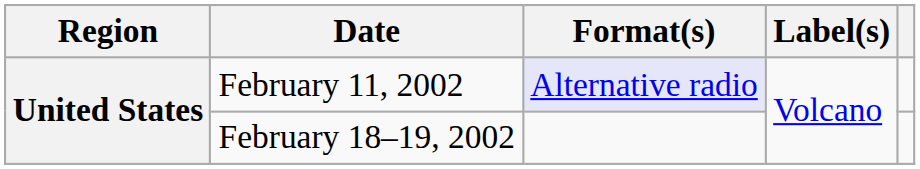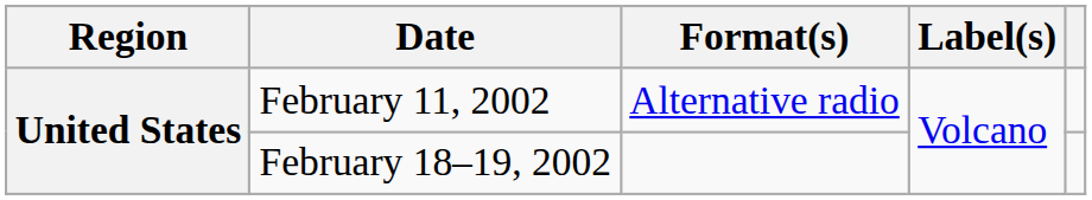 <table class="wikitable plainrowheaders">
 <tr>
 <th scope="col">Region</th>
 <th scope="col">Date</th>
 <th scope="col">Format(s)</th>
 <th scope="col">Label(s)</th>
 <th scope="col"></th>
 </tr>
 <tr>
 <th scope="row" rowspan="2">United States</th>
 <td>February 11, 2002</td>
-<td style="background: lavender;"><a href='#'>Alternative radio</a></td>
+<td><a href='#'>Alternative radio</a></td>
 <td rowspan="2"><a href='#'>Volcano</a></td>
 <td align="center"></td>
 </tr>
 <tr>
 <td>February 18–19, 2002</td>
 <td></td>
 <td align="center"></td>
 </tr>
 </table>
